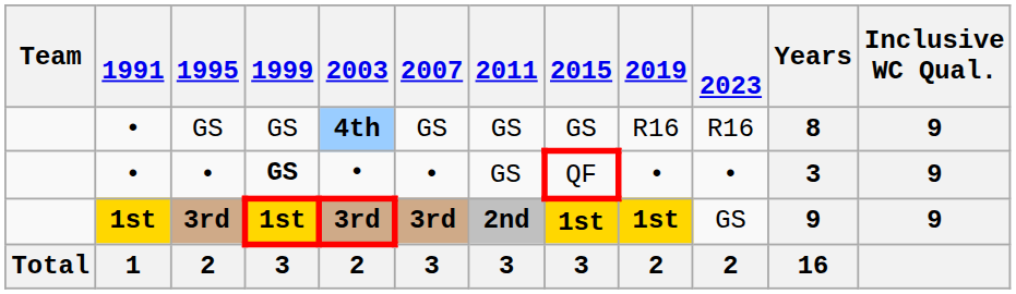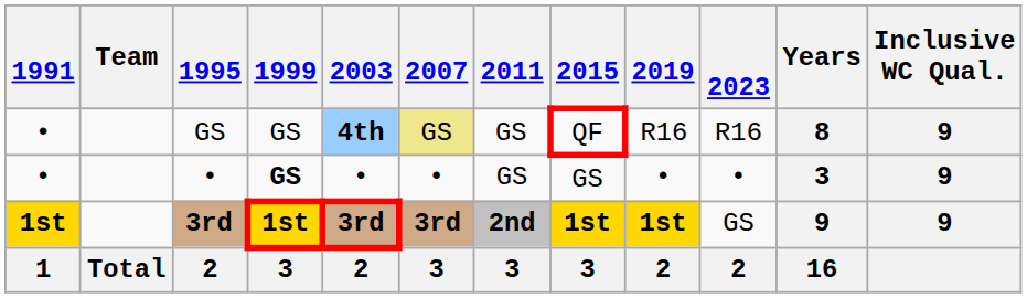 <table class="wikitable"  style="text-align:center; font-size:100%;">
 <tr>
+<th><br><a href='#'>1991</a></th>
 <th>Team</th>
-<th><br><a href='#'>1991</a></th>
 <th><br><a href='#'>1995</a></th>
 <th><br><a href='#'>1999</a></th>
 <th><br><a href='#'>2003</a></th>
 <th><br><a href='#'>2007</a></th>
 <th><br><a href='#'>2011</a></th>
 <th><br><a href='#'>2015</a></th>
 <th><br><a href='#'>2019</a></th>
 <th><br><br><a href='#'>2023</a></th>
 <th>Years</th>
 <th>Inclusive <br> WC Qual.</th>
 </tr>
 <tr>
+<td>•</td>
 <td align="left"></td>
-<td>•</td>
 <td>GS</td>
 <td>GS</td>
 <td style="background:#9acdff"><strong>4th</strong></td>
+<td style="background: khaki;">GS</td>
 <td>GS</td>
-<td>GS</td>
-<td>GS</td>
+<td style="border:3px solid red">QF</td>
 <td>R16</td>
 <td>R16</td>
 <th>8</th>
 <th>9</th>
 </tr>
 <tr>
+<td>•</td>
 <td align="left"></td>
-<td>•</td>
 <td>•</td>
 <td><strong>GS</strong></td>
 <td>•</td>
 <td>•</td>
 <td>GS</td>
-<td style="border:3px solid red">QF</td>
+<td>GS</td>
 <td>•</td>
 <td>•</td>
 <th>3</th>
 <th>9</th>
 </tr>
 <tr>
+<td style="background:gold"><strong>1st</strong></td>
 <td align="left"></td>
-<td style="background:gold"><strong>1st</strong></td>
 <td style="background:#CFAA88"><strong>3rd</strong></td>
 <td style="border:3px solid red; background:gold;"><strong>1st</strong></td>
 <td style="border:3px solid red;background:#CFAA88"><strong>3rd</strong></td>
 <td style="background:#CFAA88"><strong>3rd</strong></td>
 <td style="background:silver"><strong>2nd</strong></td>
 <td style="background:gold"><strong>1st</strong></td>
 <td style="background:gold"><strong>1st</strong></td>
 <td>GS</td>
 <th>9</th>
 <th>9</th>
 </tr>
 <tr>
+<th>1</th>
 <th>Total</th>
-<th>1</th>
 <th>2</th>
 <th>3</th>
 <th>2</th>
 <th>3</th>
 <th>3</th>
 <th>3</th>
 <th>2</th>
 <th>2</th>
 <th>16</th>
 <th></th>
 </tr>
 </table>
